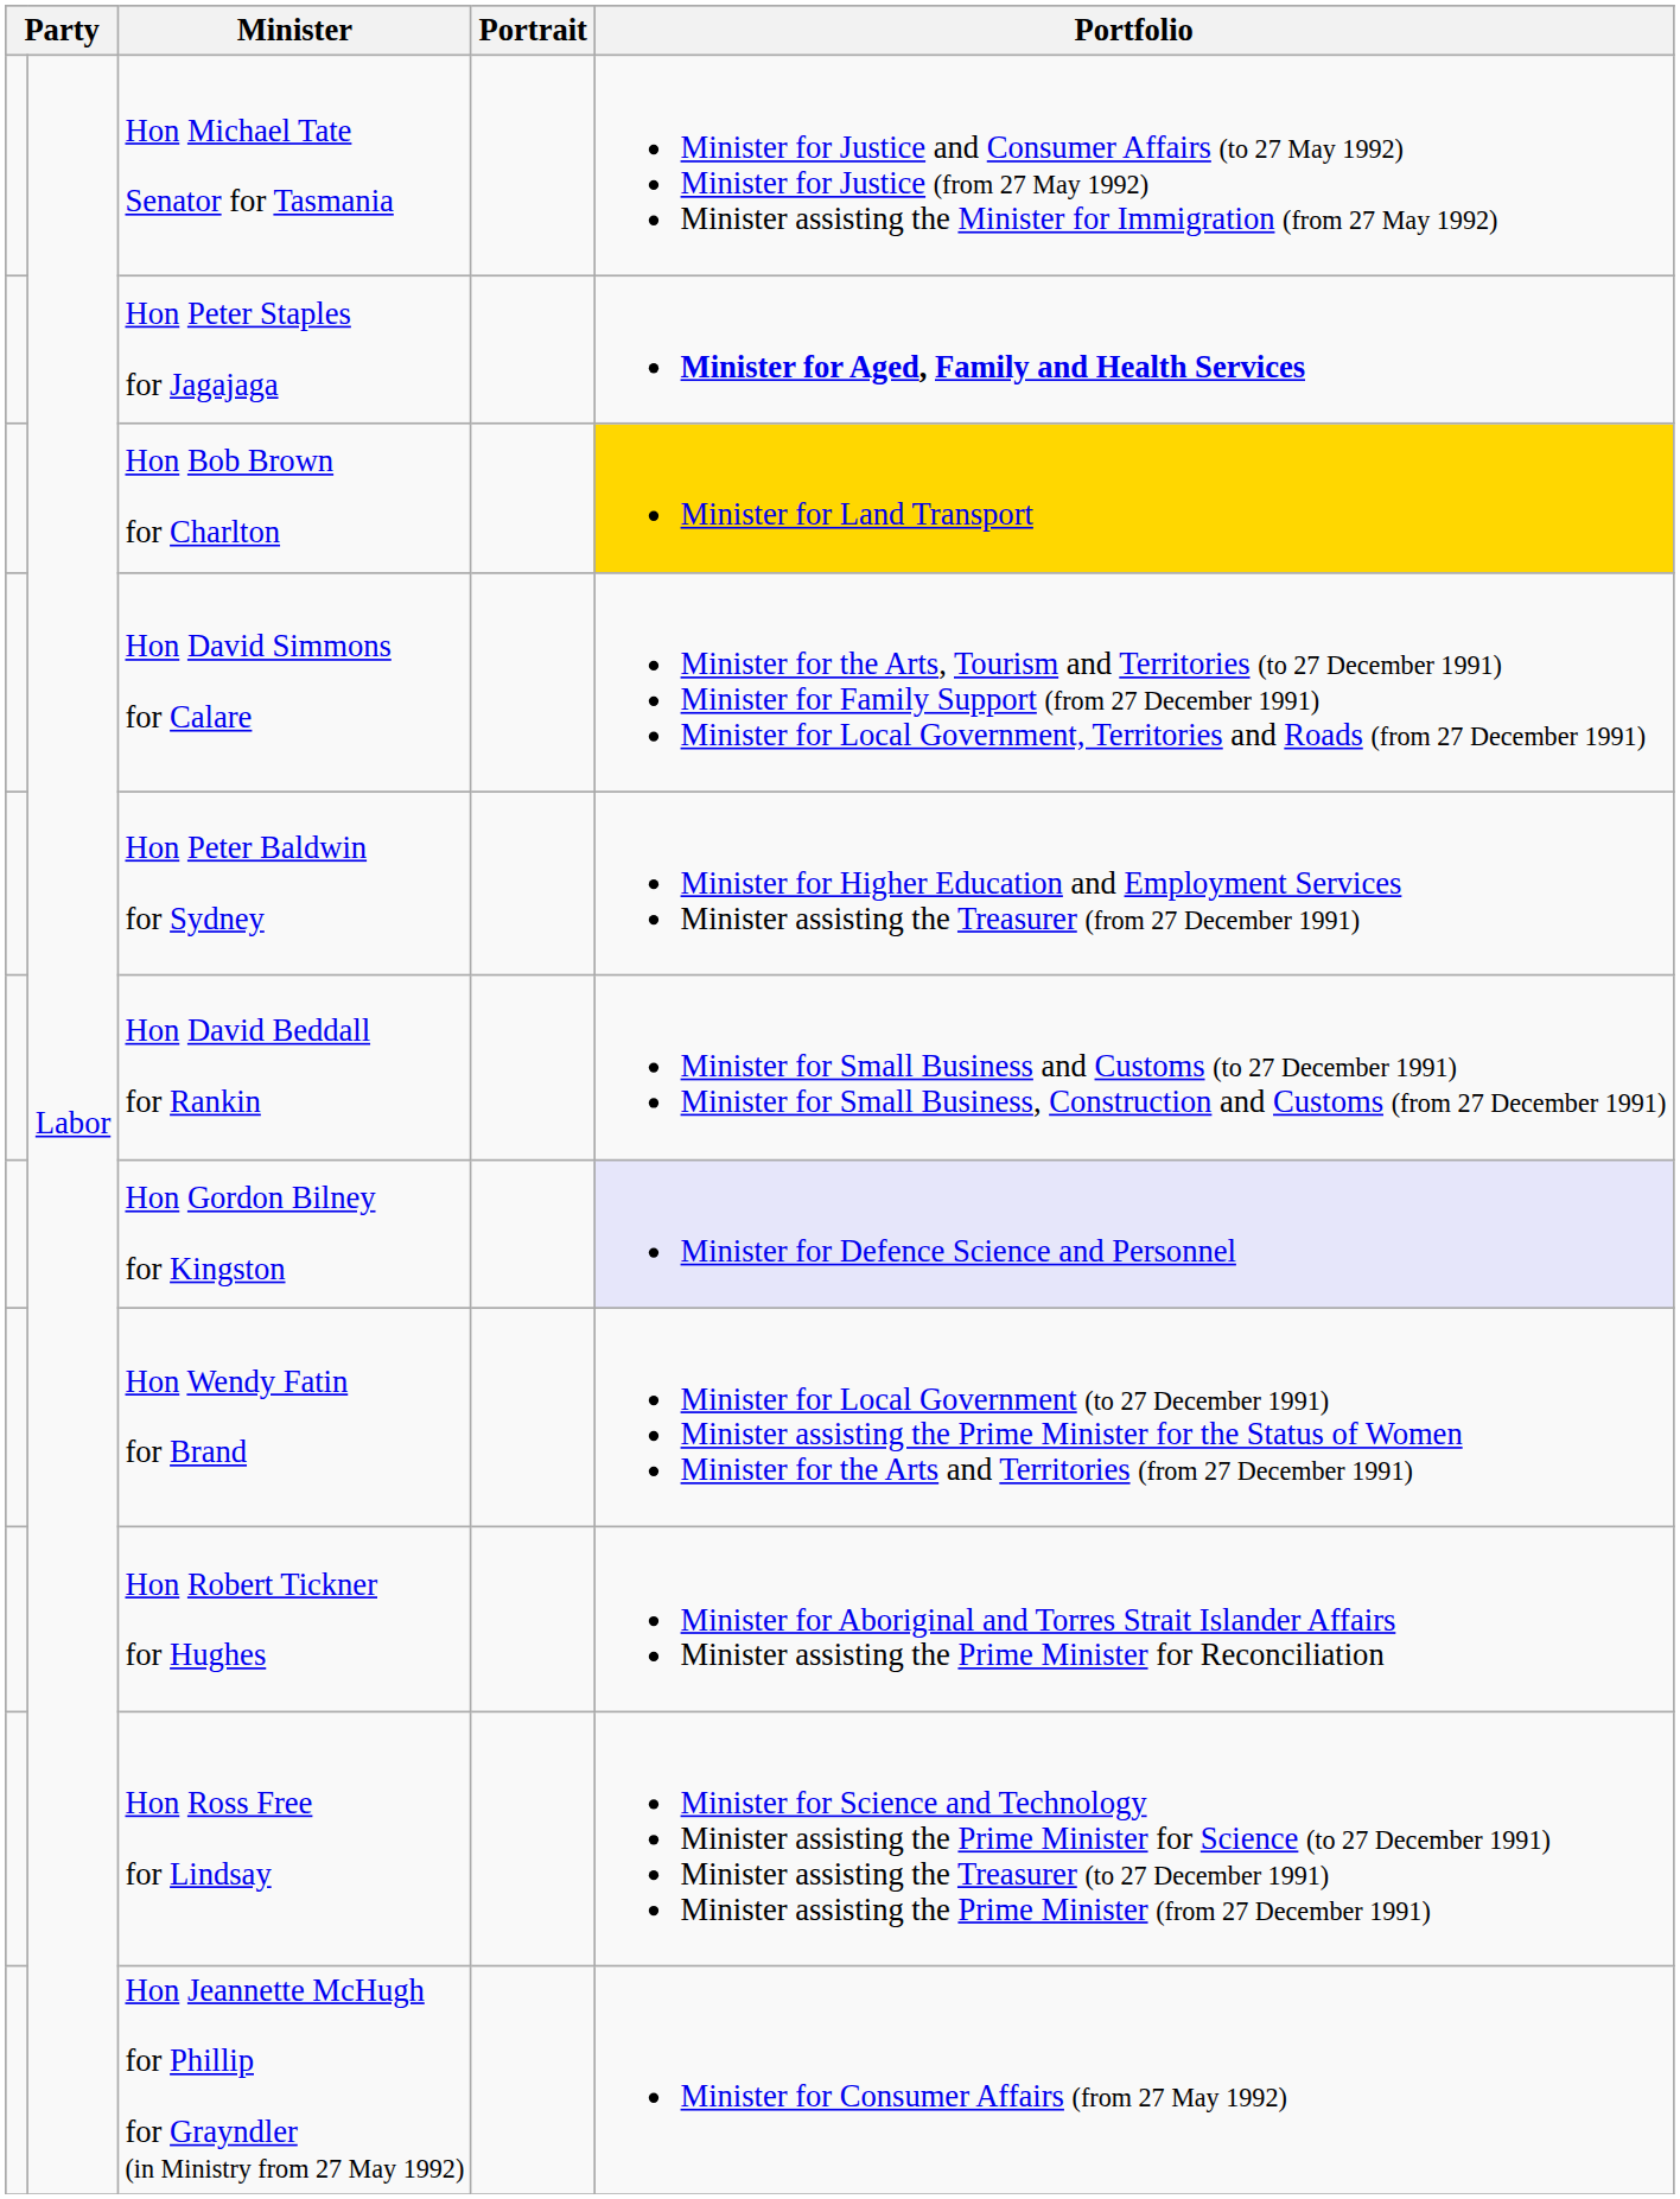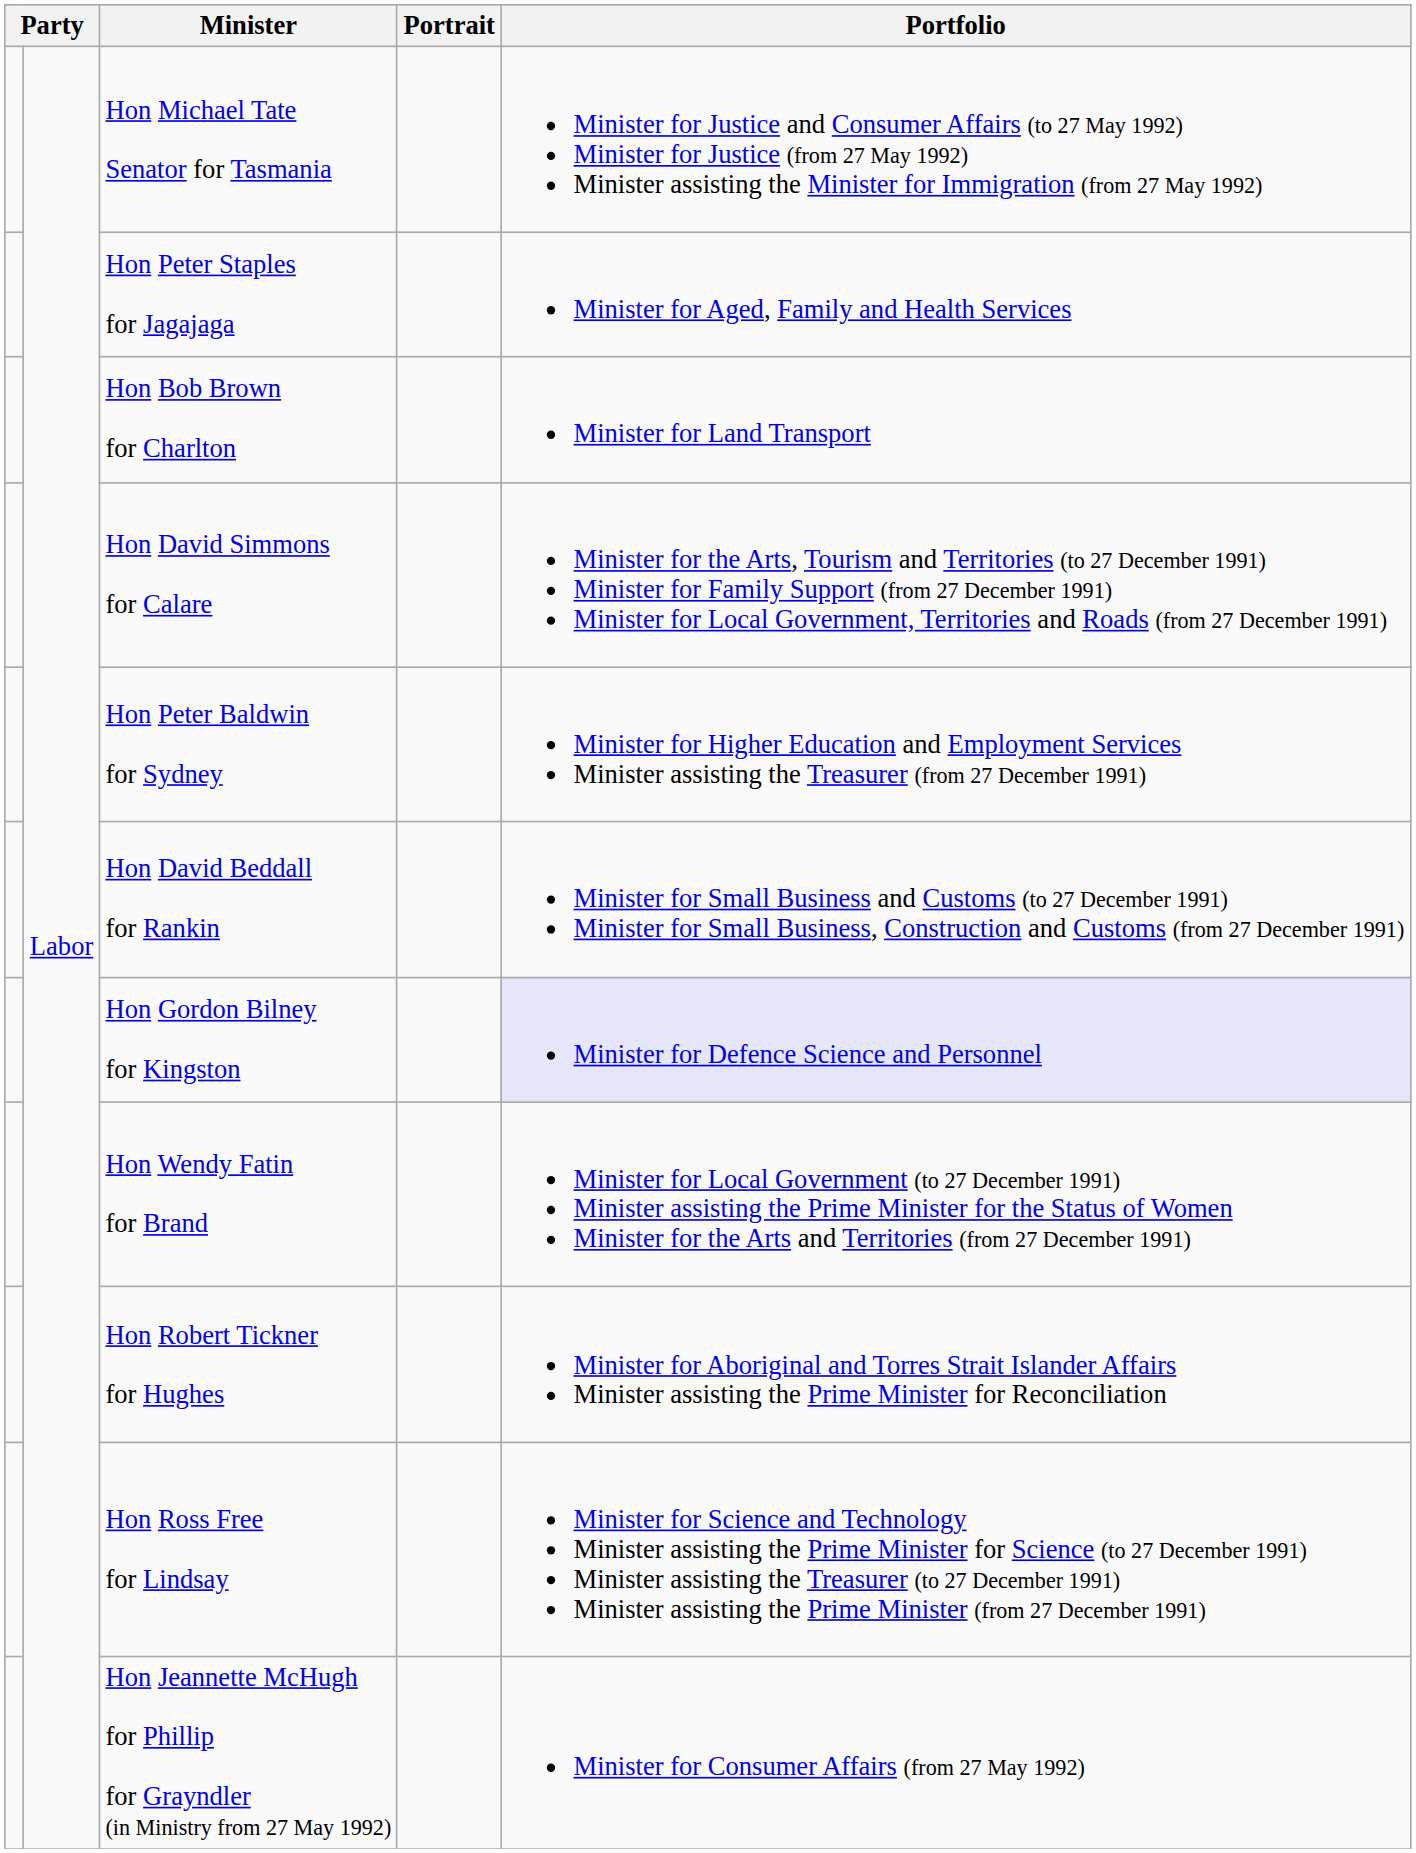 <table class="wikitable sortable">
 <tr>
 <th colspan="2">Party</th>
 <th>Minister</th>
 <th>Portrait</th>
 <th>Portfolio</th>
 </tr>
 <tr>
 <td> </td>
 <td rowspan=11><a href='#'>Labor</a></td>
 <td><a href='#'>Hon</a> <a href='#'>Michael Tate</a> <br><br><a href='#'>Senator</a> for <a href='#'>Tasmania</a> <br></td>
 <td></td>
 <td><br><ul><li><a href='#'>Minister for Justice</a> and <a href='#'>Consumer Affairs</a> <small>(to 27 May 1992)</small></li><li><a href='#'>Minister for Justice</a> <small>(from 27 May 1992)</small></li><li>Minister assisting the <a href='#'>Minister for Immigration</a> <small>(from 27 May 1992)</small></li></ul></td>
 </tr>
 <tr>
 <td> </td>
 <td><a href='#'>Hon</a> <a href='#'>Peter Staples</a> <br><br> for <a href='#'>Jagajaga</a> <br></td>
 <td></td>
-<td><strong><br><ul><li><a href='#'>Minister for Aged</a>, <a href='#'>Family and Health Services</a></li></ul></strong></td>
+<td><br><ul><li><a href='#'>Minister for Aged</a>, <a href='#'>Family and Health Services</a></li></ul></td>
 </tr>
 <tr>
 <td> </td>
 <td><a href='#'>Hon</a> <a href='#'>Bob Brown</a> <br><br> for <a href='#'>Charlton</a> <br></td>
 <td></td>
-<td style="background: gold;"><br><ul><li><a href='#'>Minister for Land Transport</a></li></ul></td>
+<td><br><ul><li><a href='#'>Minister for Land Transport</a></li></ul></td>
 </tr>
 <tr>
 <td> </td>
 <td><a href='#'>Hon</a> <a href='#'>David Simmons</a> <br><br> for <a href='#'>Calare</a> <br></td>
 <td></td>
 <td><br><ul><li><a href='#'>Minister for the Arts</a>, <a href='#'>Tourism</a> and <a href='#'>Territories</a> <small>(to 27 December 1991)</small></li><li><a href='#'>Minister for Family Support</a> <small>(from 27 December 1991)</small></li><li><a href='#'>Minister for Local Government, Territories</a> and <a href='#'>Roads</a> <small>(from 27 December 1991)</small></li></ul></td>
 </tr>
 <tr>
 <td> </td>
 <td><a href='#'>Hon</a> <a href='#'>Peter Baldwin</a> <br><br> for <a href='#'>Sydney</a> <br></td>
 <td></td>
 <td><br><ul><li><a href='#'>Minister for Higher Education</a> and <a href='#'>Employment Services</a></li><li>Minister assisting the <a href='#'>Treasurer</a> <small>(from 27 December 1991)</small></li></ul></td>
 </tr>
 <tr>
 <td> </td>
 <td><a href='#'>Hon</a> <a href='#'>David Beddall</a> <br><br> for <a href='#'>Rankin</a> <br></td>
 <td></td>
 <td><br><ul><li><a href='#'>Minister for Small Business</a> and <a href='#'>Customs</a> <small>(to 27 December 1991)</small></li><li><a href='#'>Minister for Small Business</a>, <a href='#'>Construction</a> and <a href='#'>Customs</a> <small>(from 27 December 1991)</small></li></ul></td>
 </tr>
 <tr>
 <td> </td>
 <td><a href='#'>Hon</a> <a href='#'>Gordon Bilney</a> <br><br> for <a href='#'>Kingston</a> <br></td>
 <td></td>
 <td style="background: lavender;"><br><ul><li><a href='#'>Minister for Defence Science and Personnel</a></li></ul></td>
 </tr>
 <tr>
 <td> </td>
 <td><a href='#'>Hon</a> <a href='#'>Wendy Fatin</a> <br><br> for <a href='#'>Brand</a> <br></td>
 <td></td>
 <td><br><ul><li><a href='#'>Minister for Local Government</a> <small>(to 27 December 1991)</small></li><li><a href='#'>Minister assisting the Prime Minister for the Status of Women</a></li><li><a href='#'>Minister for the Arts</a> and <a href='#'>Territories</a> <small>(from 27 December 1991)</small></li></ul></td>
 </tr>
 <tr>
 <td> </td>
 <td><a href='#'>Hon</a> <a href='#'>Robert Tickner</a> <br><br> for <a href='#'>Hughes</a> <br></td>
 <td></td>
 <td><br><ul><li><a href='#'>Minister for Aboriginal and Torres Strait Islander Affairs</a></li><li>Minister assisting the <a href='#'>Prime Minister</a> for Reconciliation</li></ul></td>
 </tr>
 <tr>
 <td> </td>
 <td><a href='#'>Hon</a> <a href='#'>Ross Free</a> <br><br> for <a href='#'>Lindsay</a> <br></td>
 <td></td>
 <td><br><ul><li><a href='#'>Minister for Science and Technology</a></li><li>Minister assisting the <a href='#'>Prime Minister</a> for <a href='#'>Science</a> <small>(to 27 December 1991)</small></li><li>Minister assisting the <a href='#'>Treasurer</a> <small>(to 27 December 1991)</small></li><li>Minister assisting the <a href='#'>Prime Minister</a> <small>(from 27 December 1991)</small></li></ul></td>
 </tr>
 <tr>
 <td> </td>
 <td><a href='#'>Hon</a> <a href='#'>Jeannette McHugh</a> <br><br> for <a href='#'>Phillip</a> <br><br> for <a href='#'>Grayndler</a> <br> <small>(in Ministry from 27 May 1992)</small></td>
 <td></td>
 <td><br><ul><li><a href='#'>Minister for Consumer Affairs</a> <small>(from 27 May 1992)</small></li></ul></td>
 </tr>
 </table>
